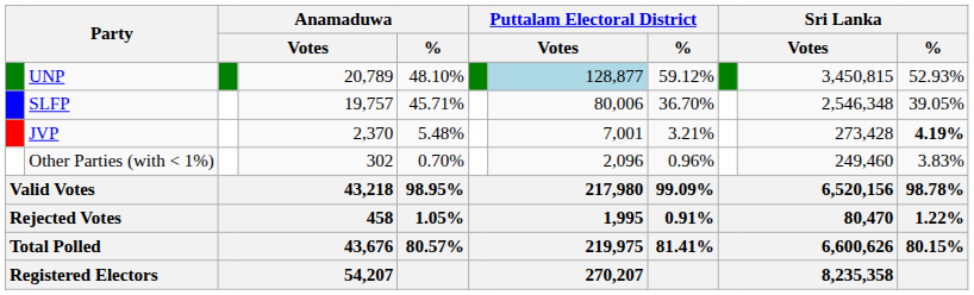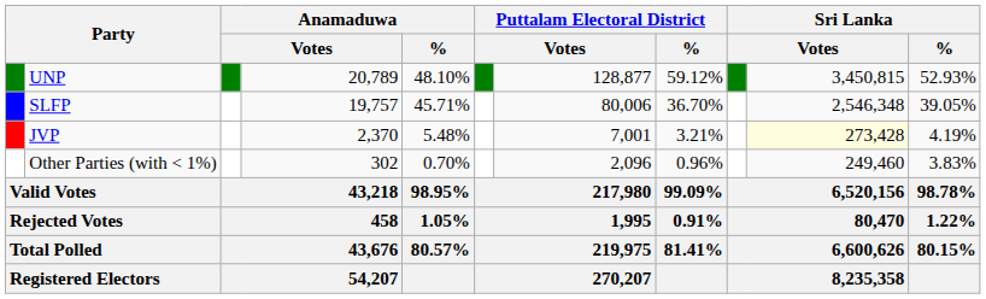 <table class="wikitable">
 <tr>
 <th colspan="2" width="144px"rowspan="2">Party</th>
 <th colspan="3" width="216px">Anamaduwa</th>
 <th colspan="3" width="216px"><a href='#'>Puttalam Electoral District</a></th>
 <th colspan="3" width="216px">Sri Lanka</th>
 </tr>
 <tr>
 <th colspan="2" width="144px">Votes</th>
 <th>%</th>
 <th colspan="2" width="144px">Votes</th>
 <th>%</th>
 <th colspan="2" width="144px">Votes</th>
 <th>%</th>
 </tr>
 <tr>
 <td style="background-color:green;" width="10px"></td>
 <td style="text-align:left;"><a href='#'>UNP</a></td>
 <td style="background-color:green;" width="10px"></td>
 <td style="text-align:right;">20,789</td>
 <td style="text-align:right;">48.10%</td>
 <td style="background-color:green;" width="10px"></td>
-<td style="background: lightblue; text-align:right;">128,877</td>
+<td style="text-align:right;">128,877</td>
 <td style="text-align:right;">59.12%</td>
 <td style="background-color:green;" width="10px"></td>
 <td style="text-align:right;">3,450,815</td>
 <td style="text-align:right;">52.93%</td>
 </tr>
 <tr>
 <td style="background-color:blue;" width="10px"></td>
 <td style="text-align:left;"><a href='#'>SLFP</a></td>
 <td style="background-color:white;" width="10px"></td>
 <td style="text-align:right;">19,757</td>
 <td style="text-align:right;">45.71%</td>
 <td style="background-color:white;" width="10px"></td>
 <td style="text-align:right;">80,006</td>
 <td style="text-align:right;">36.70%</td>
 <td style="background-color:white;" width="10px"></td>
 <td style="text-align:right;">2,546,348</td>
 <td style="text-align:right;">39.05%</td>
 </tr>
 <tr>
 <td style="background-color:red;" width="10px"></td>
 <td style="text-align:left;"><a href='#'>JVP</a></td>
 <td style="background-color:white;" width="10px"></td>
 <td style="text-align:right;">2,370</td>
 <td style="text-align:right;">5.48%</td>
 <td style="background-color:white;" width="10px"></td>
 <td style="text-align:right;">7,001</td>
 <td style="text-align:right;">3.21%</td>
 <td style="background-color:white;" width="10px"></td>
-<td style="text-align:right;">273,428</td>
-<td style="text-align:right;"><strong>4.19%</strong></td>
+<td style="background: lightyellow; text-align:right;">273,428</td>
+<td style="text-align:right;">4.19%</td>
 </tr>
 <tr>
 <td style="background-color:white;" width="10px"></td>
 <td style="text-align:left;">Other Parties (with < 1%)</td>
 <td style="background-color:white;" width="10px"></td>
 <td style="text-align:right;">302</td>
 <td style="text-align:right;">0.70%</td>
 <td style="background-color:white;" width="10px"></td>
 <td style="text-align:right;">2,096</td>
 <td style="text-align:right;">0.96%</td>
 <td style="background-color:white;" width="10px"></td>
 <td style="text-align:right;">249,460</td>
 <td style="text-align:right;">3.83%</td>
 </tr>
 <tr>
 <th colspan="2" width="144px"style="text-align:left;">Valid Votes</th>
 <th style="text-align:right;"colspan="2" width="144px">43,218</th>
 <th style="text-align:right;">98.95%</th>
 <th style="text-align:right;"colspan="2" width="144px">217,980</th>
 <th style="text-align:right;">99.09%</th>
 <th style="text-align:right;"colspan="2" width="144px">6,520,156</th>
 <th style="text-align:right;">98.78%</th>
 </tr>
 <tr>
 <th colspan="2" width="144px"style="text-align:left;">Rejected Votes</th>
 <th style="text-align:right;"colspan="2" width="144px">458</th>
 <th style="text-align:right;">1.05%</th>
 <th style="text-align:right;"colspan="2" width="144px">1,995</th>
 <th style="text-align:right;">0.91%</th>
 <th style="text-align:right;"colspan="2" width="144px">80,470</th>
 <th style="text-align:right;">1.22%</th>
 </tr>
 <tr>
 <th colspan="2" width="144px"style="text-align:left;">Total Polled</th>
 <th style="text-align:right;"colspan="2" width="144px">43,676</th>
 <th style="text-align:right;">80.57%</th>
 <th style="text-align:right;"colspan="2" width="144px">219,975</th>
 <th style="text-align:right;">81.41%</th>
 <th style="text-align:right;"colspan="2" width="144px">6,600,626</th>
 <th style="text-align:right;">80.15%</th>
 </tr>
 <tr>
 <th colspan="2" width="144px"style="text-align:left;">Registered Electors</th>
 <th style="text-align:right;"colspan="2" width="144px">54,207</th>
 <th></th>
 <th style="text-align:right;"colspan="2" width="144px">270,207</th>
 <th></th>
 <th style="text-align:right;"colspan="2" width="144px">8,235,358</th>
 <th></th>
 </tr>
 </table>
